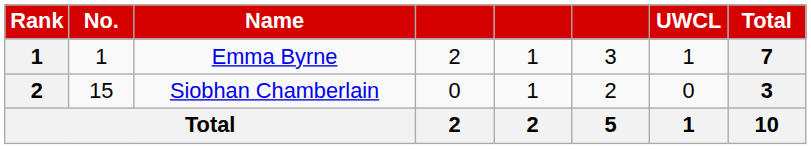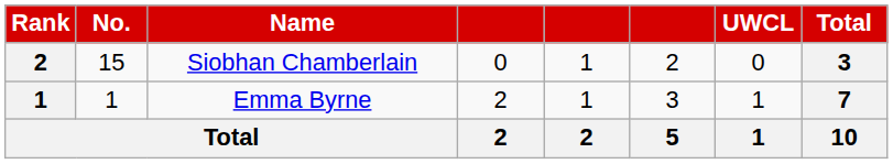 <table class="wikitable" style="text-align:center; font-size:100%; ">
 <tr>
 <th style="background:#d50000; color:white; text-align:center; width:40px">Rank</th>
 <th style="background:#d50000; color:white; text-align:center; width:40px">No.</th>
 <th style="background:#d50000; color:white; text-align:center; width:200px">Name</th>
 <th style="background:#d50000; color:white; text-align:center; width:50px;"><a href='#'></a></th>
 <th style="background:#d50000; color:white; text-align:center; width:50px;"><a href='#'></a></th>
 <th style="background:#d50000; color:white; text-align:center; width:50px;"></th>
 <th style="background:#d50000; color:white; text-align:center; width:50px;">UWCL</th>
 <th style="background:#d50000; color:white; text-align:center; width:50px;">Total</th>
 </tr>
 <tr>
+<th>2</th>
+<td>15</td>
+<td><em></em> <a href='#'>Siobhan Chamberlain</a></td>
+<td>0</td>
+<td>1</td>
+<td>2</td>
+<td>0</td>
+<th>3</th>
+</tr>
+<tr>
 <th>1</th>
 <td>1</td>
 <td> <a href='#'>Emma Byrne</a></td>
 <td>2</td>
 <td>1</td>
 <td>3</td>
 <td>1</td>
 <th>7</th>
 </tr>
 <tr>
-<th>2</th>
-<td>15</td>
-<td><em></em> <a href='#'>Siobhan Chamberlain</a></td>
-<td>0</td>
-<td>1</td>
-<td>2</td>
-<td>0</td>
-<th>3</th>
-</tr>
-<tr>
 <th colspan="3">Total</th>
 <th>2</th>
 <th>2</th>
 <th>5</th>
 <th>1</th>
 <th>10</th>
 </tr>
 </table>
